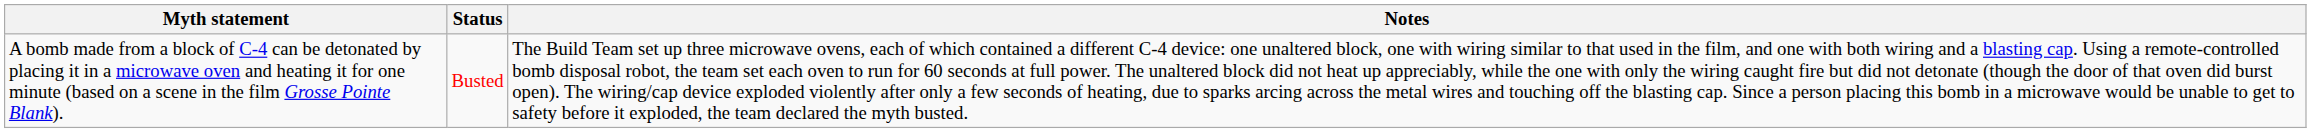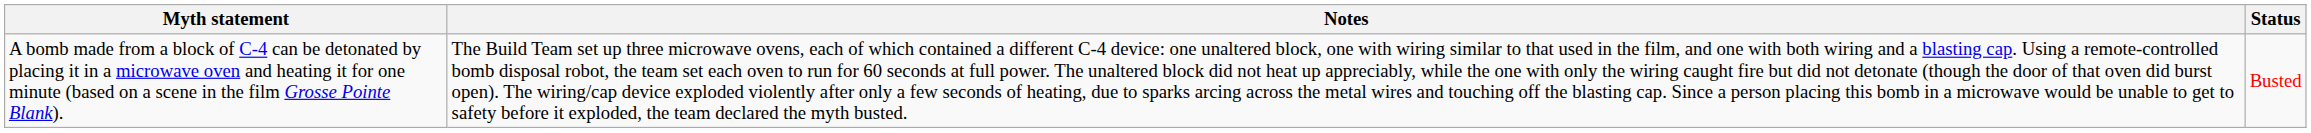 <table class="wikitable plainrowheaders">
 <tr>
 <th>Myth statement</th>
+<th>Notes</th>
 <th>Status</th>
-<th>Notes</th>
 </tr>
 <tr>
 <td>A bomb made from a block of <a href='#'>C-4</a> can be detonated by placing it in a <a href='#'>microwave oven</a> and heating it for one minute (based on a scene in the film <em><a href='#'>Grosse Pointe Blank</a></em>).</td>
+<td>The Build Team set up three microwave ovens, each of which contained a different C-4 device: one unaltered block, one with wiring similar to that used in the film, and one with both wiring and a <a href='#'>blasting cap</a>. Using a remote-controlled bomb disposal robot, the team set each oven to run for 60 seconds at full power. The unaltered block did not heat up appreciably, while the one with only the wiring caught fire but did not detonate (though the door of that oven did burst open). The wiring/cap device exploded violently after only a few seconds of heating, due to sparks arcing across the metal wires and touching off the blasting cap. Since a person placing this bomb in a microwave would be unable to get to safety before it exploded, the team declared the myth busted.</td>
 <td style="color:red">Busted</td>
-<td>The Build Team set up three microwave ovens, each of which contained a different C-4 device: one unaltered block, one with wiring similar to that used in the film, and one with both wiring and a <a href='#'>blasting cap</a>. Using a remote-controlled bomb disposal robot, the team set each oven to run for 60 seconds at full power. The unaltered block did not heat up appreciably, while the one with only the wiring caught fire but did not detonate (though the door of that oven did burst open). The wiring/cap device exploded violently after only a few seconds of heating, due to sparks arcing across the metal wires and touching off the blasting cap. Since a person placing this bomb in a microwave would be unable to get to safety before it exploded, the team declared the myth busted.</td>
 </tr>
 </table>
